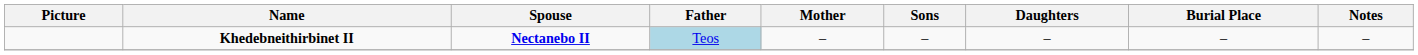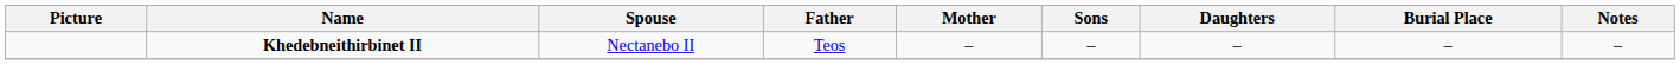 <table width=100% class="wikitable" style="text-align:center;">
 <tr>
 <th>Picture</th>
 <th>Name</th>
 <th>Spouse</th>
 <th>Father</th>
 <th>Mother</th>
 <th>Sons</th>
 <th>Daughters</th>
 <th>Burial Place</th>
 <th>Notes</th>
 </tr>
 <tr>
 <td></td>
 <td><strong>Khedebneithirbinet II</strong><br></td>
-<td><strong><a href='#'>Nectanebo II</a></strong></td>
-<td style="background: lightblue;"><a href='#'>Teos</a></td>
+<td><a href='#'>Nectanebo II</a></td>
+<td><a href='#'>Teos</a></td>
 <td>–</td>
 <td>–</td>
 <td>–</td>
 <td>–</td>
 <td>–</td>
 </tr>
 <tr>
 </tr>
 </table>
